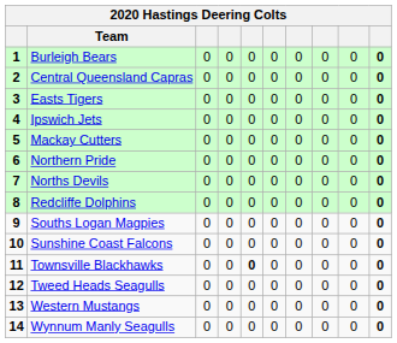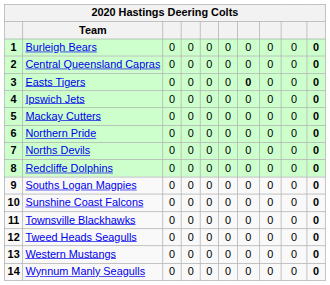 <table class="wikitable" style="text-align:center;">
 <tr>
 <th colspan="11">2020 Hastings Deering Colts</th>
 </tr>
 <tr>
 <th width="20"></th>
 <th>Team</th>
 <th width="20"></th>
 <th width="20"></th>
 <th width="20"></th>
 <th width="20"></th>
 <th width="25"></th>
 <th width="25"></th>
 <th width="30"></th>
 <th width="20"></th>
 </tr>
 <tr style="background: #ccffcc;">
 <td><strong>1</strong></td>
 <td style="text-align:left;"> <a href='#'>Burleigh Bears</a></td>
 <td>0</td>
 <td>0</td>
 <td>0</td>
 <td>0</td>
 <td>0</td>
 <td>0</td>
 <td>0</td>
 <td><strong>0</strong></td>
 </tr>
 <tr style="background: #ccffcc;">
 <td><strong>2</strong></td>
 <td style="text-align:left;"> <a href='#'>Central Queensland Capras</a></td>
 <td>0</td>
 <td>0</td>
 <td>0</td>
 <td>0</td>
 <td>0</td>
 <td>0</td>
 <td>0</td>
 <td><strong>0</strong></td>
 </tr>
 <tr style="background: #ccffcc;">
 <td><strong>3</strong></td>
 <td style="text-align:left;"> <a href='#'>Easts Tigers</a></td>
 <td>0</td>
 <td>0</td>
 <td>0</td>
 <td>0</td>
-<td>0</td>
+<td><strong>0</strong></td>
 <td>0</td>
 <td>0</td>
 <td><strong>0</strong></td>
 </tr>
 <tr style="background: #ccffcc;">
 <td><strong>4</strong></td>
 <td style="text-align:left;"> <a href='#'>Ipswich Jets</a></td>
 <td>0</td>
 <td>0</td>
 <td>0</td>
 <td>0</td>
 <td>0</td>
 <td>0</td>
 <td>0</td>
 <td><strong>0</strong></td>
 </tr>
 <tr style="background: #ccffcc;">
 <td><strong>5</strong></td>
 <td style="text-align:left;"> <a href='#'>Mackay Cutters</a></td>
 <td>0</td>
 <td>0</td>
 <td>0</td>
 <td>0</td>
 <td>0</td>
 <td>0</td>
 <td>0</td>
 <td><strong>0</strong></td>
 </tr>
 <tr style="background: #ccffcc;">
 <td><strong>6</strong></td>
 <td style="text-align:left;"> <a href='#'>Northern Pride</a></td>
 <td>0</td>
 <td>0</td>
 <td>0</td>
 <td>0</td>
 <td>0</td>
 <td>0</td>
 <td>0</td>
 <td><strong>0</strong></td>
 </tr>
 <tr style="background: #ccffcc;">
 <td><strong>7</strong></td>
 <td style="text-align:left;"> <a href='#'>Norths Devils</a></td>
 <td>0</td>
 <td>0</td>
 <td>0</td>
 <td>0</td>
 <td>0</td>
 <td>0</td>
 <td>0</td>
 <td><strong>0</strong></td>
 </tr>
 <tr style="background: #ccffcc;">
 <td><strong>8</strong></td>
 <td style="text-align:left;"> <a href='#'>Redcliffe Dolphins</a></td>
 <td>0</td>
 <td>0</td>
 <td>0</td>
 <td>0</td>
 <td>0</td>
 <td>0</td>
 <td>0</td>
 <td><strong>0</strong></td>
 </tr>
 <tr>
 <td><strong>9</strong></td>
 <td style="text-align:left;"> <a href='#'>Souths Logan Magpies</a></td>
 <td>0</td>
 <td>0</td>
 <td>0</td>
 <td>0</td>
 <td>0</td>
 <td>0</td>
 <td>0</td>
 <td><strong>0</strong></td>
 </tr>
 <tr>
 <td><strong>10</strong></td>
 <td style="text-align:left;"> <a href='#'>Sunshine Coast Falcons</a></td>
 <td>0</td>
 <td>0</td>
 <td>0</td>
 <td>0</td>
 <td>0</td>
 <td>0</td>
 <td>0</td>
 <td><strong>0</strong></td>
 </tr>
 <tr>
 <td><strong>11</strong></td>
 <td style="text-align:left;"> <a href='#'>Townsville Blackhawks</a></td>
 <td>0</td>
 <td>0</td>
-<td><strong>0</strong></td>
+<td>0</td>
 <td>0</td>
 <td>0</td>
 <td>0</td>
 <td>0</td>
 <td><strong>0</strong></td>
 </tr>
 <tr>
 <td><strong>12</strong></td>
 <td style="text-align:left;"> <a href='#'>Tweed Heads Seagulls</a></td>
 <td>0</td>
 <td>0</td>
 <td>0</td>
 <td>0</td>
 <td>0</td>
 <td>0</td>
 <td>0</td>
 <td><strong>0</strong></td>
 </tr>
 <tr>
 <td><strong>13</strong></td>
 <td style="text-align:left;"> <a href='#'>Western Mustangs</a></td>
 <td>0</td>
 <td>0</td>
 <td>0</td>
 <td>0</td>
 <td>0</td>
 <td>0</td>
 <td>0</td>
 <td><strong>0</strong></td>
 </tr>
 <tr>
 <td><strong>14</strong></td>
 <td style="text-align:left;"> <a href='#'>Wynnum Manly Seagulls</a></td>
 <td>0</td>
 <td>0</td>
 <td>0</td>
 <td>0</td>
 <td>0</td>
 <td>0</td>
 <td>0</td>
 <td><strong>0</strong></td>
 </tr>
 </table>
